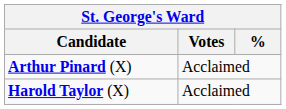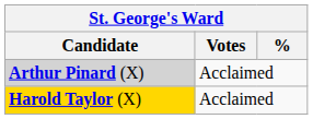 <table class="wikitable">
 <tr>
 <th colspan="3"><a href='#'>St. George's Ward</a></th>
 </tr>
 <tr>
 <th style="width: 170px">Candidate</th>
 <th style="width: 50px">Votes</th>
 <th style="width: 40px">%</th>
 </tr>
 <tr>
-<td><strong><a href='#'>Arthur Pinard</a></strong> (X)</td>
+<td style="background: lightgrey;"><strong><a href='#'>Arthur Pinard</a></strong> (X)</td>
 <td colspan="2">Acclaimed</td>
 </tr>
 <tr>
-<td><strong><a href='#'>Harold Taylor</a></strong> (X)</td>
+<td style="background: gold;"><strong><a href='#'>Harold Taylor</a></strong> (X)</td>
 <td colspan="2">Acclaimed</td>
 </tr>
 </table>
